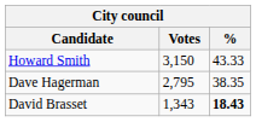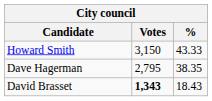 <table class="wikitable">
 <tr>
 <th colspan="3">City council</th>
 </tr>
 <tr>
 <th style="width: 170px">Candidate</th>
 <th style="width: 50px">Votes</th>
 <th style="width: 40px">%</th>
 </tr>
 <tr>
 <td><a href='#'>Howard Smith</a></td>
 <td>3,150</td>
 <td>43.33</td>
 </tr>
 <tr>
 <td>Dave Hagerman</td>
 <td>2,795</td>
 <td>38.35</td>
 </tr>
 <tr>
 <td>David Brasset</td>
-<td>1,343</td>
-<td><strong>18.43</strong></td>
+<td><strong>1,343</strong></td>
+<td>18.43</td>
 </tr>
 </table>
